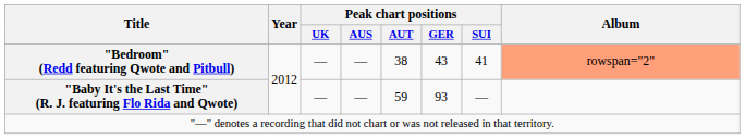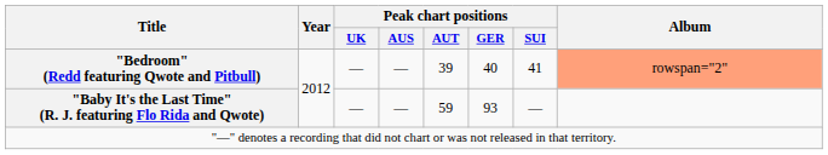 <table class="wikitable plainrowheaders" style="text-align:center;" border="1">
 <tr>
 <th scope="col" rowspan="2" style="width:20em;">Title</th>
 <th scope="col" rowspan="2">Year</th>
 <th scope="col" colspan="5">Peak chart positions</th>
 <th scope="col" rowspan="2" style="width:18em;">Album</th>
 </tr>
 <tr>
 <th scope="col" style="width:3em;font-size:90%;"><a href='#'>UK</a></th>
 <th scope="col" style="width:3em;font-size:90%;"><a href='#'>AUS</a></th>
 <th scope="col" style="width:3em;font-size:90%;"><a href='#'>AUT</a></th>
 <th scope="col" style="width:3em;font-size:90%;"><a href='#'>GER</a></th>
 <th scope="col" style="width:3em;font-size:90%;"><a href='#'>SUI</a></th>
 </tr>
 <tr>
 <th scope="row">"Bedroom" <br><span>(<a href='#'>Redd</a> featuring Qwote and <a href='#'>Pitbull</a>)</span></th>
 <td rowspan="2">2012</td>
 <td>—</td>
 <td>—</td>
-<td>38</td>
-<td>43</td>
+<td>39</td>
+<td>40</td>
 <td>41</td>
 <td style="background: lightsalmon;">rowspan="2" </td>
 </tr>
 <tr>
 <th scope="row">"Baby It's the Last Time" <br><span>(R. J. featuring <a href='#'>Flo Rida</a> and Qwote)</span></th>
 <td>—</td>
 <td>—</td>
 <td>59</td>
 <td>93</td>
 <td>—</td>
 </tr>
 <tr>
 <td colspan="8" style="font-size:90%">"—" denotes a recording that did not chart or was not released in that territory.</td>
 </tr>
 </table>
